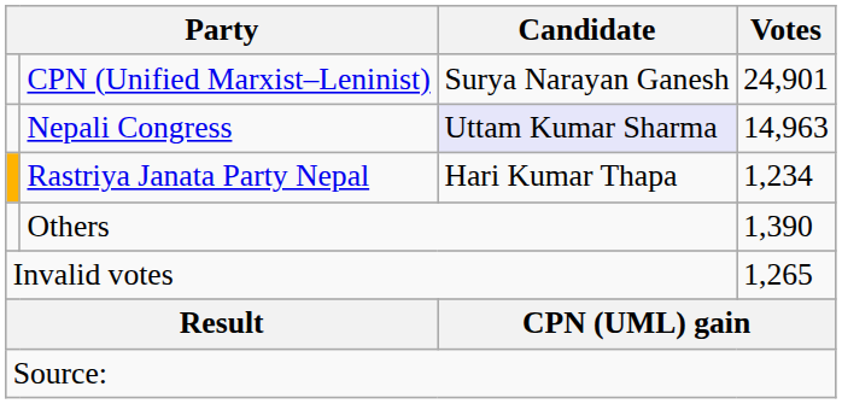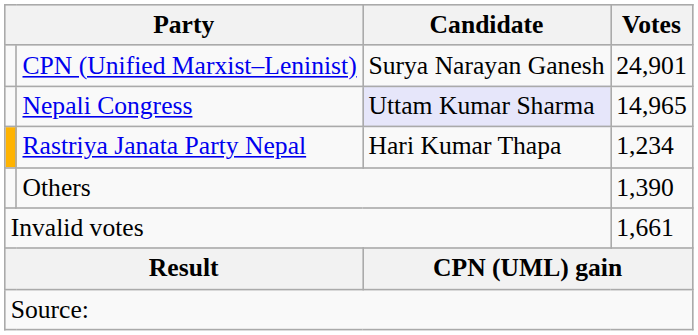 <table class="wikitable">
 <tr>
 <th colspan="2">Party</th>
 <th>Candidate</th>
 <th>Votes</th>
 </tr>
 <tr>
 <td style="background-color:"></td>
 <td><a href='#'>CPN (Unified Marxist–Leninist)</a></td>
 <td>Surya Narayan Ganesh</td>
 <td>24,901</td>
 </tr>
 <tr>
 <td style="background-color:"></td>
 <td><a href='#'>Nepali Congress</a></td>
 <td style="background: lavender;">Uttam Kumar Sharma</td>
-<td>14,963</td>
+<td>14,965</td>
 </tr>
 <tr>
 <td style="background-color:#ffb300"></td>
 <td><a href='#'>Rastriya Janata Party Nepal</a></td>
 <td>Hari Kumar Thapa</td>
 <td>1,234</td>
 </tr>
 <tr>
 <td></td>
 <td colspan="2">Others</td>
 <td>1,390</td>
 </tr>
 <tr>
 <td colspan="3">Invalid votes</td>
-<td>1,265</td>
+<td>1,661</td>
 </tr>
 <tr>
 <th colspan="2">Result</th>
 <th colspan="2">CPN (UML) gain</th>
 </tr>
 <tr>
 <td colspan="4">Source: </td>
 </tr>
 </table>
